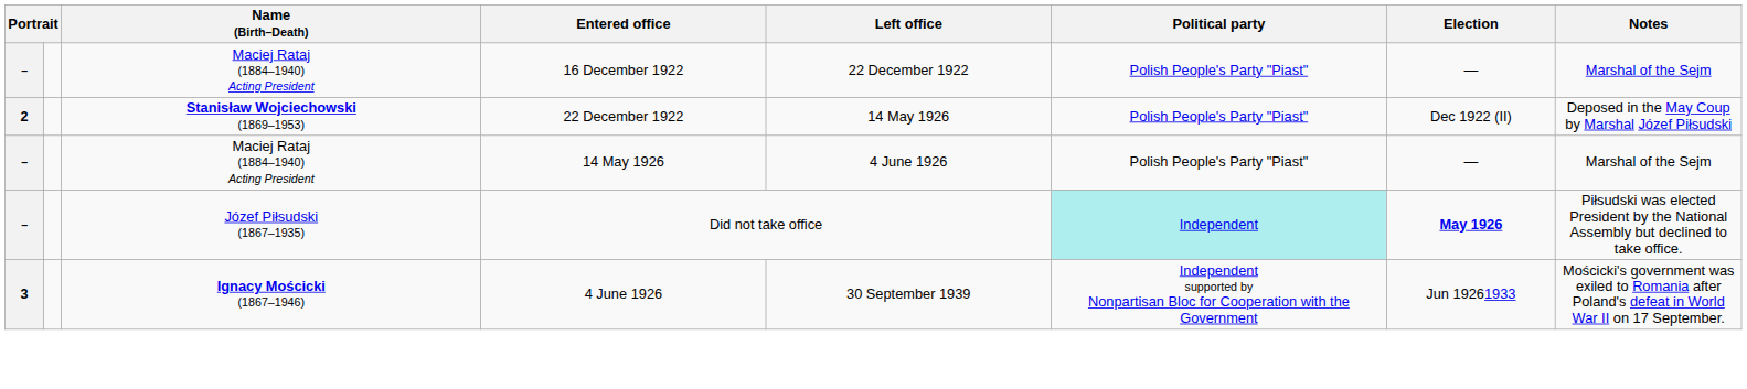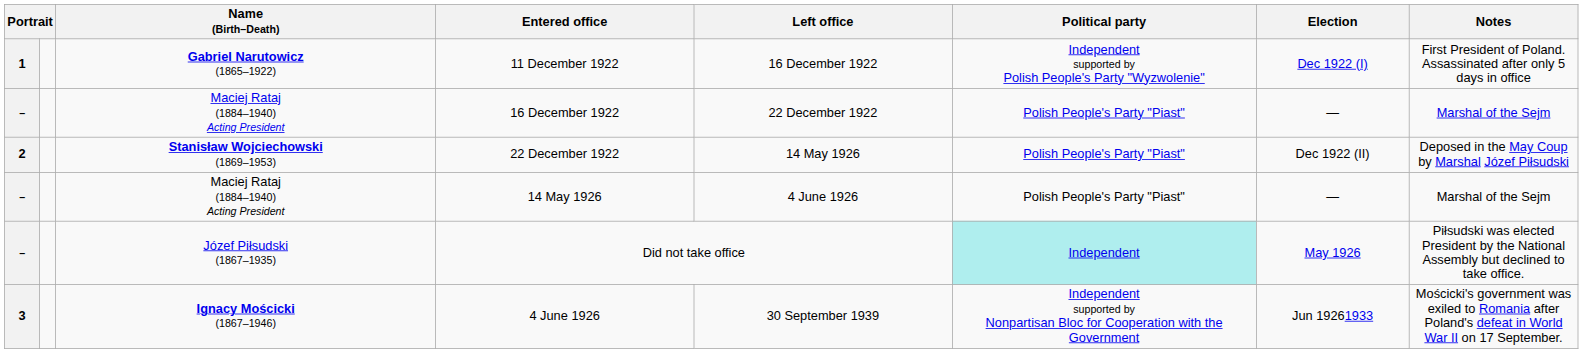 <table class="wikitable" style="text-align:center">
 <tr>
 <th colspan="2">Portrait</th>
 <th width=25%>Name<br><small>(Birth–Death)</small></th>
 <th width=17%>Entered office</th>
 <th width=17%>Left office</th>
 <th width=20%>Political party</th>
 <th width=10%>Election</th>
 <th width=20%>Notes</th>
+</tr>
+<tr>
+<th style="background:">1</th>
+<td></td>
+<td><strong><a href='#'>Gabriel Narutowicz</a></strong><br><small>(1865–1922)</small></td>
+<td>11 December 1922</td>
+<td>16 December 1922</td>
+<td><a href='#'>Independent</a><br><small>supported by</small><br><a href='#'>Polish People's Party "Wyzwolenie"</a></td>
+<td><a href='#'>Dec 1922 (I)</a></td>
+<td>First President of Poland. Assassinated after only 5 days in office</td>
 </tr>
 <tr>
 <th style="background:"><small>–</small></th>
 <td></td>
 <td><a href='#'>Maciej Rataj</a><br><small>(1884–1940)</small><br><small><em><a href='#'>Acting President</a></em></small></td>
 <td>16 December 1922</td>
 <td>22 December 1922</td>
 <td><a href='#'>Polish People's Party "Piast"</a></td>
 <td>—</td>
 <td><a href='#'>Marshal of the Sejm</a></td>
 </tr>
 <tr>
 <th style="background:">2</th>
 <td></td>
 <td><strong><a href='#'>Stanisław Wojciechowski</a></strong><br><small>(1869–1953)</small></td>
 <td>22 December 1922</td>
 <td>14 May 1926</td>
 <td><a href='#'>Polish People's Party "Piast"</a></td>
 <td>Dec 1922 (II)</td>
 <td>Deposed in the <a href='#'>May Coup</a> by <a href='#'>Marshal</a> <a href='#'>Józef Piłsudski</a></td>
 </tr>
 <tr>
 <th style="background:"><small>–</small></th>
 <td></td>
 <td>Maciej Rataj<br><small>(1884–1940)</small><br><small><em>Acting President</em></small></td>
 <td>14 May 1926</td>
 <td>4 June 1926</td>
 <td>Polish People's Party "Piast"</td>
 <td>—</td>
 <td>Marshal of the Sejm</td>
 </tr>
 <tr>
 <th style="background:"><small>–</small></th>
 <td></td>
 <td><a href='#'>Józef Piłsudski</a><br><small>(1867–1935)</small></td>
 <td colspan=2>Did not take office</td>
 <td style="background: paleturquoise;"><a href='#'>Independent</a></td>
-<td><strong><a href='#'>May 1926</a></strong></td>
+<td><a href='#'>May 1926</a></td>
 <td>Piłsudski was elected President by the National Assembly but declined to take office.</td>
 </tr>
 <tr>
 <th style="background:">3</th>
 <td></td>
 <td><strong><a href='#'>Ignacy Mościcki</a></strong><br><small>(1867–1946)</small></td>
 <td>4 June 1926</td>
 <td>30 September 1939</td>
 <td><a href='#'>Independent</a><br><small>supported by</small><br><a href='#'>Nonpartisan Bloc for Cooperation with the Government</a></td>
 <td>Jun 1926<a href='#'>1933</a></td>
 <td>Mościcki's government was exiled to <a href='#'>Romania</a> after Poland's <a href='#'>defeat in World War II</a> on 17 September.</td>
 </tr>
 </table>
